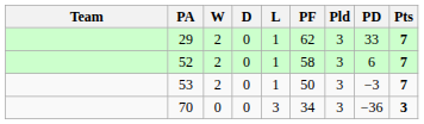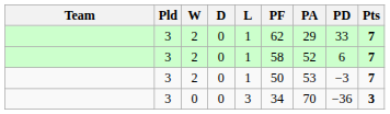 <table class="wikitable" style="text-align:center;">
 <tr>
 <th width=175>Team</th>
-<th width=32 abbr="Points against">PA</th>
+<th width=25 abbr="Played">Pld</th>
 <th width=25 abbr="Won">W</th>
 <th width=25 abbr="Drawn">D</th>
 <th width=25 abbr="Lost">L</th>
 <th width=32 abbr="Points for">PF</th>
-<th width=25 abbr="Played">Pld</th>
+<th width=32 abbr="Points against">PA</th>
 <th width=32 abbr="Points difference">PD</th>
 <th width=25 abbr="Points">Pts</th>
 </tr>
 <tr style="background:#cfc;">
 <td align=left></td>
-<td>29</td>
+<td>3</td>
 <td>2</td>
 <td>0</td>
 <td>1</td>
 <td>62</td>
-<td>3</td>
+<td>29</td>
 <td>33</td>
 <td><strong>7</strong></td>
 </tr>
 <tr style="background:#cfc;">
 <td align=left></td>
-<td>52</td>
+<td>3</td>
 <td>2</td>
 <td>0</td>
 <td>1</td>
 <td>58</td>
-<td>3</td>
+<td>52</td>
 <td>6</td>
 <td><strong>7</strong></td>
 </tr>
 <tr>
 <td align=left></td>
-<td>53</td>
+<td>3</td>
 <td>2</td>
 <td>0</td>
 <td>1</td>
 <td>50</td>
-<td>3</td>
+<td>53</td>
 <td>−3</td>
 <td><strong>7</strong></td>
 </tr>
 <tr>
 <td align=left></td>
-<td>70</td>
+<td>3</td>
 <td>0</td>
 <td>0</td>
 <td>3</td>
 <td>34</td>
-<td>3</td>
+<td>70</td>
 <td>−36</td>
 <td><strong>3</strong></td>
 </tr>
 </table>
